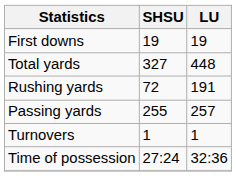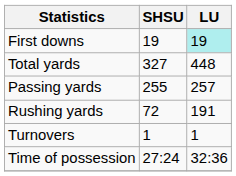 <table class="wikitable" style="float: left;">
 <tr>
 <th>Statistics</th>
 <th>SHSU</th>
 <th>LU</th>
 </tr>
 <tr>
 <td>First downs</td>
 <td>19</td>
-<td>19</td>
+<td style="background: paleturquoise;">19</td>
 </tr>
 <tr>
 <td>Total yards</td>
 <td>327</td>
 <td>448</td>
 </tr>
 <tr>
+<td>Passing yards</td>
+<td>255</td>
+<td>257</td>
+</tr>
+<tr>
 <td>Rushing yards</td>
 <td>72</td>
 <td>191</td>
-</tr>
-<tr>
-<td>Passing yards</td>
-<td>255</td>
-<td>257</td>
 </tr>
 <tr>
 <td>Turnovers</td>
 <td>1</td>
 <td>1</td>
 </tr>
 <tr>
 <td>Time of possession</td>
 <td>27:24</td>
 <td>32:36</td>
 </tr>
 <tr>
 </tr>
 </table>
